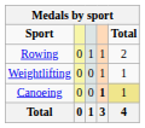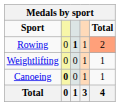 <table class="wikitable" style="font-size:85%">
 <tr style="background:#efefef;">
 <th colspan=7>Medals by sport</th>
 </tr>
 <tr align=center>
 <td><strong>Sport</strong></td>
 <td bgcolor=#f7f6a8></td>
 <td bgcolor=#dce5e5></td>
 <td bgcolor=#ffdab9></td>
 <td><strong>Total</strong></td>
 </tr>
 <tr align=center>
 <td><a href='#'>Rowing</a></td>
 <td bgcolor=#f7f6a8>0</td>
-<td bgcolor=#dce5e5>1</td>
+<td bgcolor=#dce5e5><strong>1</strong></td>
 <td bgcolor=#ffdab9>1</td>
-<td>2</td>
+<td style="background: lightsalmon;">2</td>
 </tr>
 <tr align=center>
 <td><a href='#'>Weightlifting</a></td>
 <td bgcolor=#f7f6a8>0</td>
 <td bgcolor=#dce5e5>0</td>
 <td bgcolor=#ffdab9>1</td>
 <td>1</td>
 </tr>
 <tr align=center>
 <td><a href='#'>Canoeing</a></td>
-<td bgcolor=#f7f6a8>0</td>
+<td bgcolor=#f7f6a8><strong>0</strong></td>
 <td bgcolor=#dce5e5>0</td>
-<td bgcolor=#ffdab9><strong>1</strong></td>
-<td style="background: khaki;">1</td>
+<td bgcolor=#ffdab9>1</td>
+<td>1</td>
 </tr>
 <tr align=center>
 <th>Total</th>
 <th bgcolor=gold>0</th>
 <th bgcolor=silver>1</th>
 <th bgcolor=#c96>3</th>
 <th>4</th>
 </tr>
 </table>
